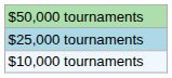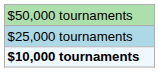 <table class="wikitable"  style="font-size:90%; width:13%;">
 <tr style="background:#addfad;">
 <td>$50,000 tournaments</td>
 </tr>
 <tr style="background:lightblue;">
 <td>$25,000 tournaments</td>
 </tr>
 <tr style="background:#f0f8ff;">
-<td>$10,000 tournaments</td>
+<td><strong>$10,000 tournaments</strong></td>
 </tr>
 </table>
